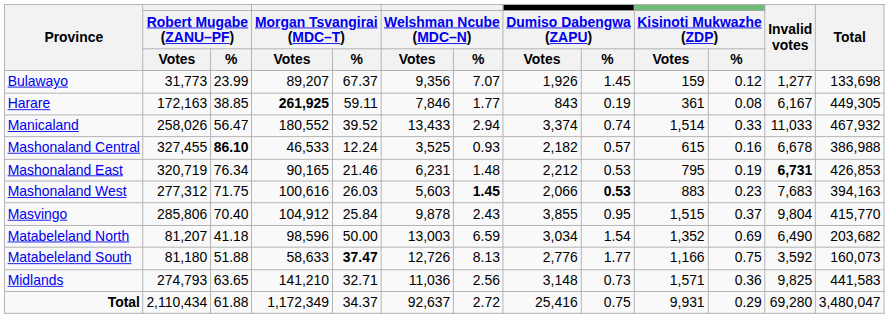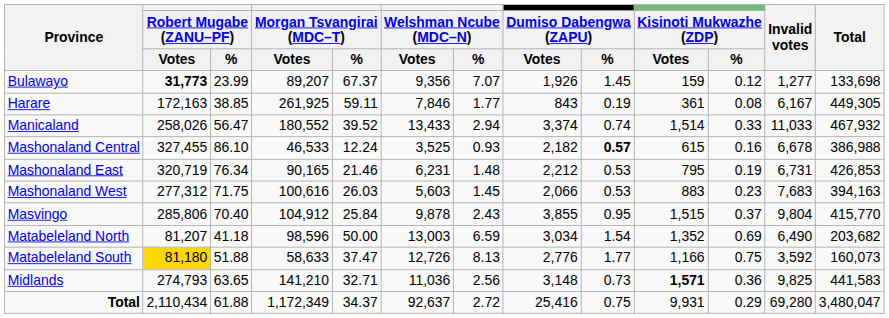 <table class="wikitable" style="text-align:right">
 <tr>
 <th rowspan="3">Province</th>
 <th colspan="2" style="background-color: "></th>
 <th colspan="2" style="background-color: "></th>
 <th colspan="2" style="background-color: "></th>
 <th colspan="2" style="background-color:#000000"></th>
 <th colspan="2" style="background-color:#71BC78"></th>
 <th rowspan="3">Invalid<br>votes</th>
 <th rowspan="3">Total</th>
 </tr>
 <tr>
 <th colspan="2"><a href='#'>Robert Mugabe</a><br>(<a href='#'>ZANU–PF</a>)</th>
 <th colspan="2"><a href='#'>Morgan Tsvangirai</a><br>(<a href='#'>MDC–T</a>)</th>
 <th colspan="2"><a href='#'>Welshman Ncube</a><br>(<a href='#'>MDC–N</a>)</th>
 <th colspan="2"><a href='#'>Dumiso Dabengwa</a><br>(<a href='#'>ZAPU</a>)</th>
 <th colspan="2"><a href='#'>Kisinoti Mukwazhe</a><br>(<a href='#'>ZDP</a>)</th>
 </tr>
 <tr>
 <th>Votes</th>
 <th>%</th>
 <th>Votes</th>
 <th>%</th>
 <th>Votes</th>
 <th>%</th>
 <th>Votes</th>
 <th>%</th>
 <th>Votes</th>
 <th>%</th>
 </tr>
 <tr>
 <td align="left"><a href='#'>Bulawayo</a></td>
-<td>31,773</td>
+<td><strong>31,773</strong></td>
 <td>23.99</td>
 <td>89,207</td>
 <td>67.37</td>
 <td>9,356</td>
 <td>7.07</td>
 <td>1,926</td>
 <td>1.45</td>
 <td>159</td>
 <td>0.12</td>
 <td>1,277</td>
 <td>133,698</td>
 </tr>
 <tr>
 <td align="left"><a href='#'>Harare</a></td>
 <td>172,163</td>
 <td>38.85</td>
-<td><strong>261,925</strong></td>
+<td>261,925</td>
 <td>59.11</td>
 <td>7,846</td>
 <td>1.77</td>
 <td>843</td>
 <td>0.19</td>
 <td>361</td>
 <td>0.08</td>
 <td>6,167</td>
 <td>449,305</td>
 </tr>
 <tr>
 <td align="left"><a href='#'>Manicaland</a></td>
 <td>258,026</td>
 <td>56.47</td>
 <td>180,552</td>
 <td>39.52</td>
 <td>13,433</td>
 <td>2.94</td>
 <td>3,374</td>
 <td>0.74</td>
 <td>1,514</td>
 <td>0.33</td>
 <td>11,033</td>
 <td>467,932</td>
 </tr>
 <tr>
 <td align="left"><a href='#'>Mashonaland Central</a></td>
 <td>327,455</td>
-<td><strong>86.10</strong></td>
+<td>86.10</td>
 <td>46,533</td>
 <td>12.24</td>
 <td>3,525</td>
 <td>0.93</td>
 <td>2,182</td>
-<td>0.57</td>
+<td><strong>0.57</strong></td>
 <td>615</td>
 <td>0.16</td>
 <td>6,678</td>
 <td>386,988</td>
 </tr>
 <tr>
 <td align="left"><a href='#'>Mashonaland East</a></td>
 <td>320,719</td>
 <td>76.34</td>
 <td>90,165</td>
 <td>21.46</td>
 <td>6,231</td>
 <td>1.48</td>
 <td>2,212</td>
 <td>0.53</td>
 <td>795</td>
 <td>0.19</td>
-<td><strong>6,731</strong></td>
+<td>6,731</td>
 <td>426,853</td>
 </tr>
 <tr>
 <td align="left"><a href='#'>Mashonaland West</a></td>
 <td>277,312</td>
 <td>71.75</td>
 <td>100,616</td>
 <td>26.03</td>
 <td>5,603</td>
-<td><strong>1.45</strong></td>
+<td>1.45</td>
 <td>2,066</td>
-<td><strong>0.53</strong></td>
+<td>0.53</td>
 <td>883</td>
 <td>0.23</td>
 <td>7,683</td>
 <td>394,163</td>
 </tr>
 <tr>
 <td align="left"><a href='#'>Masvingo</a></td>
 <td>285,806</td>
 <td>70.40</td>
 <td>104,912</td>
 <td>25.84</td>
 <td>9,878</td>
 <td>2.43</td>
 <td>3,855</td>
 <td>0.95</td>
 <td>1,515</td>
 <td>0.37</td>
 <td>9,804</td>
 <td>415,770</td>
 </tr>
 <tr>
 <td align="left"><a href='#'>Matabeleland North</a></td>
 <td>81,207</td>
 <td>41.18</td>
 <td>98,596</td>
 <td>50.00</td>
 <td>13,003</td>
 <td>6.59</td>
 <td>3,034</td>
 <td>1.54</td>
 <td>1,352</td>
 <td>0.69</td>
 <td>6,490</td>
 <td>203,682</td>
 </tr>
 <tr>
 <td align="left"><a href='#'>Matabeleland South</a></td>
-<td>81,180</td>
+<td style="background: gold;">81,180</td>
 <td>51.88</td>
 <td>58,633</td>
-<td><strong>37.47</strong></td>
+<td>37.47</td>
 <td>12,726</td>
 <td>8.13</td>
 <td>2,776</td>
 <td>1.77</td>
 <td>1,166</td>
 <td>0.75</td>
 <td>3,592</td>
 <td>160,073</td>
 </tr>
 <tr>
 <td align="left"><a href='#'>Midlands</a></td>
 <td>274,793</td>
 <td>63.65</td>
 <td>141,210</td>
 <td>32.71</td>
 <td>11,036</td>
 <td>2.56</td>
 <td>3,148</td>
 <td>0.73</td>
-<td>1,571</td>
+<td><strong>1,571</strong></td>
 <td>0.36</td>
 <td>9,825</td>
 <td>441,583</td>
 </tr>
 <tr>
 <td><strong>Total</strong></td>
 <td>2,110,434</td>
 <td>61.88</td>
 <td>1,172,349</td>
 <td>34.37</td>
 <td>92,637</td>
 <td>2.72</td>
 <td>25,416</td>
 <td>0.75</td>
 <td>9,931</td>
 <td>0.29</td>
 <td>69,280</td>
 <td>3,480,047</td>
 </tr>
 </table>
